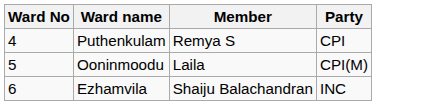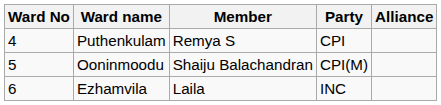 <table class="wikitable sortable" style="font-size: 95%;">
 <tr>
 <th scope="col">Ward No</th>
 <th scope="col">Ward name</th>
 <th scope="col">Member</th>
 <th scope="col">Party</th>
+<th scope="col">Alliance</th>
 </tr>
 <tr>
 <td>4</td>
 <td>Puthenkulam</td>
 <td>Remya S</td>
 <td style="background:">CPI</td>
+<td></td>
 </tr>
 <tr>
 <td>5</td>
 <td>Ooninmoodu</td>
-<td>Laila</td>
+<td>Shaiju Balachandran</td>
 <td style="background:">CPI(M)</td>
+<td></td>
 </tr>
 <tr>
 <td>6</td>
 <td>Ezhamvila</td>
-<td>Shaiju Balachandran</td>
+<td>Laila</td>
 <td style="background-color:">INC</td>
+<td></td>
 </tr>
 </table>
